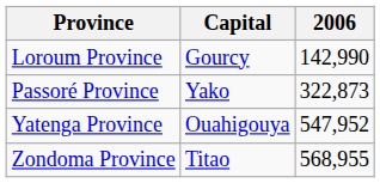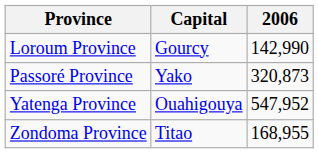 <table class="wikitable" | style="clear:right; float:right;">
 <tr>
 <th>Province</th>
 <th>Capital</th>
 <th>2006</th>
 </tr>
 <tr>
 <td><a href='#'>Loroum Province</a></td>
 <td><a href='#'>Gourcy</a></td>
 <td>142,990</td>
 </tr>
 <tr>
 <td><a href='#'>Passoré Province</a></td>
 <td><a href='#'>Yako</a></td>
-<td>322,873</td>
+<td>320,873</td>
 </tr>
 <tr>
 <td><a href='#'>Yatenga Province</a></td>
 <td><a href='#'>Ouahigouya</a></td>
 <td>547,952</td>
 </tr>
 <tr>
 <td><a href='#'>Zondoma Province</a></td>
 <td><a href='#'>Titao</a></td>
-<td>568,955</td>
+<td>168,955</td>
 </tr>
 </table>
